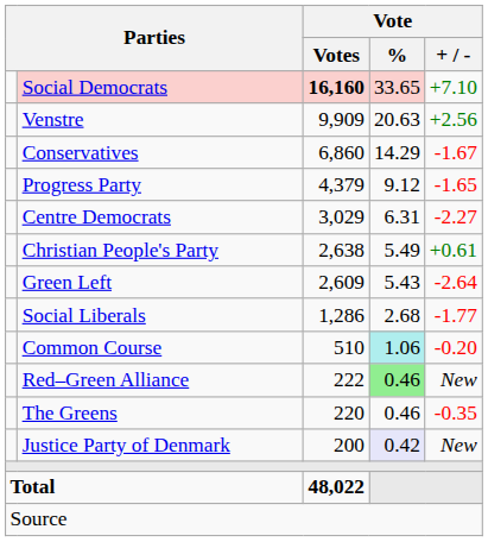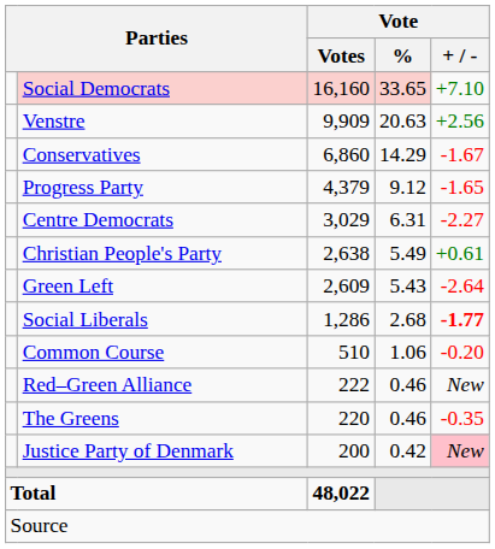 <table class="wikitable" style="text-align:right;">
 <tr>
 <th style="text-align:centre;" rowspan="2" colspan="2" width="225">Parties</th>
 <th colspan="3">Vote</th>
 </tr>
 <tr>
 <th width="15">Votes</th>
 <th width="15">%</th>
 <th width="15">+ / -</th>
 </tr>
 <tr>
 <td width="2" style="color:inherit;background:"></td>
 <td bgcolor=#fbd0ce  align="left"><a href='#'>Social Democrats</a></td>
-<td bgcolor=#fbd0ce><strong>16,160</strong></td>
+<td bgcolor=#fbd0ce>16,160</td>
 <td bgcolor=#fbd0ce>33.65</td>
 <td style=color:green;>+7.10</td>
 </tr>
 <tr>
 <td width="2" style="color:inherit;background:"></td>
 <td align="left"><a href='#'>Venstre</a></td>
 <td>9,909</td>
 <td>20.63</td>
 <td style=color:green;>+2.56</td>
 </tr>
 <tr>
 <td width="2" style="color:inherit;background:"></td>
 <td align="left"><a href='#'>Conservatives</a></td>
 <td>6,860</td>
 <td>14.29</td>
 <td style=color:red;>-1.67</td>
 </tr>
 <tr>
 <td width="2" style="color:inherit;background:"></td>
 <td align="left"><a href='#'>Progress Party</a></td>
 <td>4,379</td>
 <td>9.12</td>
 <td style=color:red;>-1.65</td>
 </tr>
 <tr>
 <td width="2" style="color:inherit;background:"></td>
 <td align="left"><a href='#'>Centre Democrats</a></td>
 <td>3,029</td>
 <td>6.31</td>
 <td style=color:red;>-2.27</td>
 </tr>
 <tr>
 <td width="2" style="color:inherit;background:"></td>
 <td align="left"><a href='#'>Christian People's Party</a></td>
 <td>2,638</td>
 <td>5.49</td>
 <td style=color:green;>+0.61</td>
 </tr>
 <tr>
 <td width="2" style="color:inherit;background:"></td>
 <td align="left"><a href='#'>Green Left</a></td>
 <td>2,609</td>
 <td>5.43</td>
 <td style=color:red;>-2.64</td>
 </tr>
 <tr>
 <td width="2" style="color:inherit;background:"></td>
 <td align="left"><a href='#'>Social Liberals</a></td>
 <td>1,286</td>
 <td>2.68</td>
-<td style=color:red;>-1.77</td>
+<td style=color:red;><strong>-1.77</strong></td>
 </tr>
 <tr>
 <td width="2" style="color:inherit;background:"></td>
 <td align="left"><a href='#'>Common Course</a></td>
 <td>510</td>
-<td style="background: paleturquoise;">1.06</td>
+<td>1.06</td>
 <td style=color:red;>-0.20</td>
 </tr>
 <tr>
 <td width="2" style="color:inherit;background:"></td>
 <td align="left"><a href='#'>Red–Green Alliance</a></td>
 <td>222</td>
-<td style="background: lightgreen;">0.46</td>
+<td>0.46</td>
 <td><em>New</em></td>
 </tr>
 <tr>
 <td width="2" style="color:inherit;background:"></td>
 <td align="left"><a href='#'>The Greens</a></td>
 <td>220</td>
 <td>0.46</td>
 <td style=color:red;>-0.35</td>
 </tr>
 <tr>
 <td width="2" style="color:inherit;background:"></td>
 <td align="left"><a href='#'>Justice Party of Denmark</a></td>
 <td>200</td>
-<td style="background: lavender;">0.42</td>
-<td><em>New</em></td>
+<td>0.42</td>
+<td style="background: pink;"><em>New</em></td>
 </tr>
 <tr>
 <td colspan="7" bgcolor="#E9E9E9"></td>
 </tr>
 <tr>
 <td align="left" colspan="2"><strong>Total</strong></td>
 <td><strong>48,022</strong></td>
 <td bgcolor="#E9E9E9" colspan="2"></td>
 </tr>
 <tr>
 <td align="left" colspan="6">Source</td>
 </tr>
 </table>
